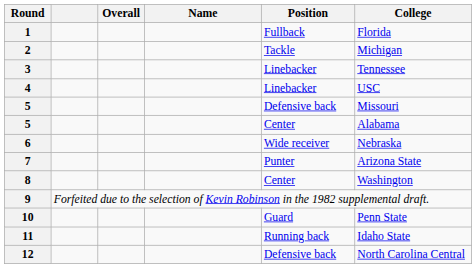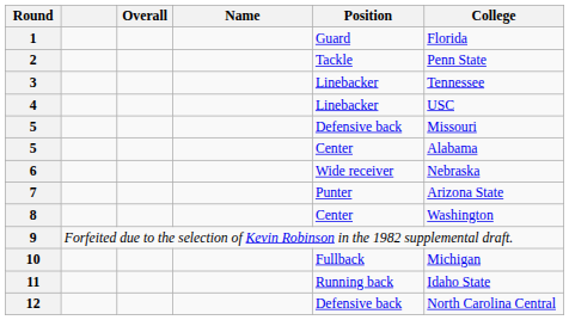 <table class="wikitable sortable">
 <tr>
 <th scope="col" style="width: 10%;">Round</th>
 <th scope="col" style="width: 10%;"></th>
 <th scope="col" style="width: 10%;">Overall</th>
 <th scope="col" style="width: 25%;">Name</th>
 <th scope="col" style="width: 20%;">Position</th>
 <th scope="col" style="width: 25%;">College</th>
 </tr>
 <tr>
 <th scope="row">1</th>
 <td></td>
 <td></td>
 <td></td>
-<td><a href='#'>Fullback</a></td>
+<td><a href='#'>Guard</a></td>
 <td><a href='#'>Florida</a></td>
 </tr>
 <tr>
 <th scope="row">2</th>
 <td></td>
 <td></td>
 <td></td>
 <td><a href='#'>Tackle</a></td>
-<td><a href='#'>Michigan</a></td>
+<td><a href='#'>Penn State</a></td>
 </tr>
 <tr>
 <th scope="row">3</th>
 <td></td>
 <td></td>
 <td></td>
 <td><a href='#'>Linebacker</a></td>
 <td><a href='#'>Tennessee</a></td>
 </tr>
 <tr>
 <th scope="row">4</th>
 <td></td>
 <td></td>
 <td></td>
 <td><a href='#'>Linebacker</a></td>
 <td><a href='#'>USC</a></td>
 </tr>
 <tr>
 <th scope="row">5</th>
 <td></td>
 <td></td>
 <td></td>
 <td><a href='#'>Defensive back</a></td>
 <td><a href='#'>Missouri</a></td>
 </tr>
 <tr>
 <th scope="row">5</th>
 <td></td>
 <td></td>
 <td></td>
 <td><a href='#'>Center</a></td>
 <td><a href='#'>Alabama</a></td>
 </tr>
 <tr>
 <th scope="row">6</th>
 <td></td>
 <td></td>
 <td></td>
 <td><a href='#'>Wide receiver</a></td>
 <td><a href='#'>Nebraska</a></td>
 </tr>
 <tr>
 <th scope="row">7</th>
 <td></td>
 <td></td>
 <td></td>
 <td><a href='#'>Punter</a></td>
 <td><a href='#'>Arizona State</a></td>
 </tr>
 <tr>
 <th scope="row">8</th>
 <td></td>
 <td></td>
 <td></td>
 <td><a href='#'>Center</a></td>
 <td><a href='#'>Washington</a></td>
 </tr>
 <tr>
 <th scope="row">9</th>
 <td colspan=5><em>Forfeited due to the selection of <a href='#'>Kevin Robinson</a> in the 1982 supplemental draft.</em></td>
 </tr>
 <tr>
 <th scope="row">10</th>
 <td></td>
 <td></td>
 <td></td>
-<td><a href='#'>Guard</a></td>
-<td><a href='#'>Penn State</a></td>
+<td><a href='#'>Fullback</a></td>
+<td><a href='#'>Michigan</a></td>
 </tr>
 <tr>
 <th scope="row">11</th>
 <td></td>
 <td></td>
 <td></td>
 <td><a href='#'>Running back</a></td>
 <td><a href='#'>Idaho State</a></td>
 </tr>
 <tr>
 <th scope="row">12</th>
 <td></td>
 <td></td>
 <td></td>
 <td><a href='#'>Defensive back</a></td>
 <td><a href='#'>North Carolina Central</a></td>
 </tr>
 </table>
